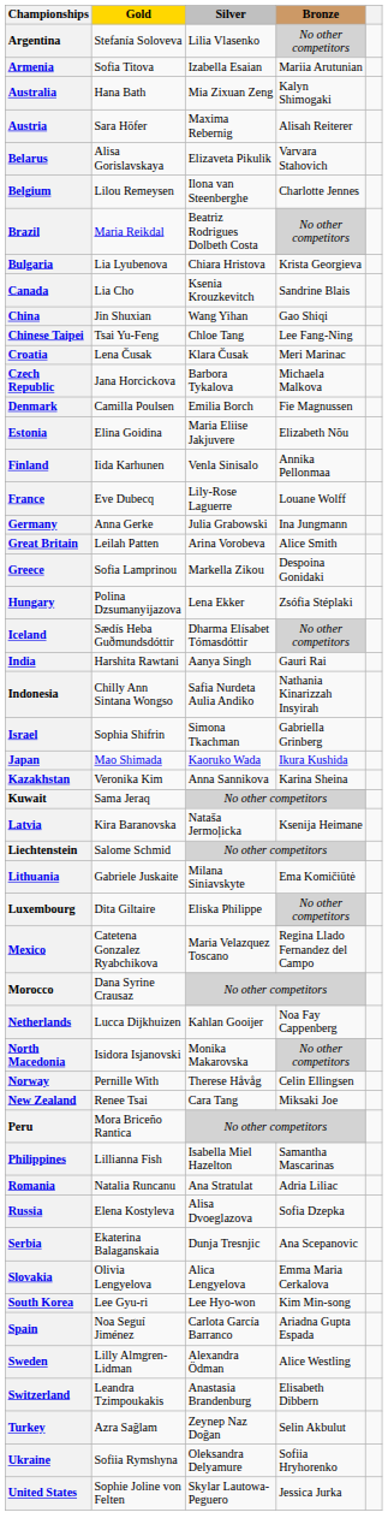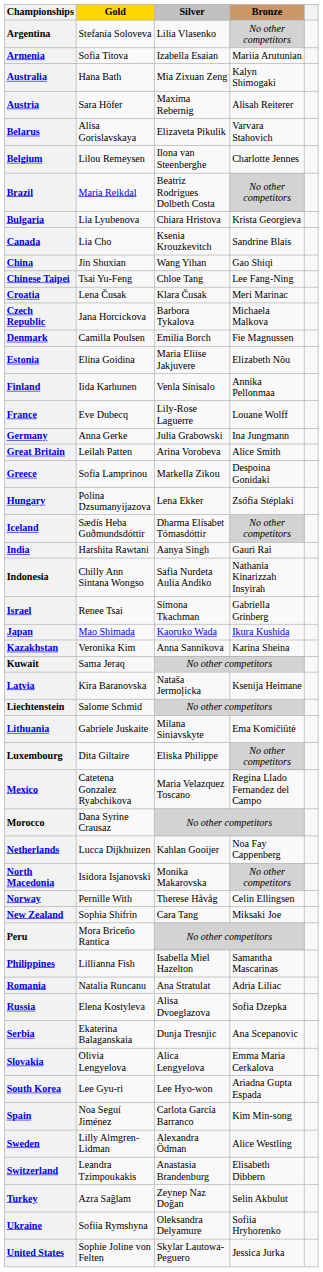 <table class="wikitable unsortable" style="text-align:left; width:80%;">
 <tr>
 <th scope="col" style="text-align:center; width:20%;">Championships</th>
 <td scope="col" style="text-align:center; width:25%; background:gold"><strong>Gold</strong></td>
 <td scope="col" style="text-align:center; width:25%; background:silver"><strong>Silver</strong></td>
 <td scope="col" style="text-align:center; width:25%; background:#c96"><strong>Bronze</strong></td>
 <th scope="col" style="text-align:center; width:5%;"></th>
 </tr>
 <tr>
 <th scope="row" style="text-align:left"> Argentina</th>
 <td>Stefanía Soloveva</td>
 <td>Lilia Vlasenko</td>
 <td align="center" bgcolor="lightgray"><em>No other competitors</em></td>
 <td></td>
 </tr>
 <tr>
 <th scope="row" style="text-align:left"> <a href='#'>Armenia</a></th>
 <td>Sofia Titova</td>
 <td>Izabella Esaian</td>
 <td>Mariia Arutunian</td>
 <td></td>
 </tr>
 <tr>
 <th scope="row" style="text-align:left"> <a href='#'>Australia</a></th>
 <td>Hana Bath</td>
 <td>Mia Zixuan Zeng</td>
 <td>Kalyn Shimogaki</td>
 <td></td>
 </tr>
 <tr>
 <th scope="row" style="text-align:left"> <a href='#'>Austria</a></th>
 <td>Sara Höfer</td>
 <td>Maxima Rebernig</td>
 <td>Alisah Reiterer</td>
 <td></td>
 </tr>
 <tr>
 <th scope="row" style="text-align:left"> <a href='#'>Belarus</a></th>
 <td>Alisa Gorislavskaya</td>
 <td>Elizaveta Pikulik</td>
 <td>Varvara Stahovich</td>
 <td></td>
 </tr>
 <tr>
 <th scope="row" style="text-align:left"> <a href='#'>Belgium</a></th>
 <td>Lilou Remeysen</td>
 <td>Ilona van Steenberghe</td>
 <td>Charlotte Jennes</td>
 <td></td>
 </tr>
 <tr>
 <th scope="row" style="text-align:left"> <a href='#'>Brazil</a></th>
 <td><a href='#'>Maria Reikdal</a></td>
 <td>Beatriz Rodrigues Dolbeth Costa</td>
 <td align="center" bgcolor="lightgray"><em>No other competitors</em></td>
 <td></td>
 </tr>
 <tr>
 <th scope="row" style="text-align:left"> <a href='#'>Bulgaria</a></th>
 <td>Lia Lyubenova</td>
 <td>Chiara Hristova</td>
 <td>Krista Georgieva</td>
 <td></td>
 </tr>
 <tr>
 <th scope="row" style="text-align:left"> <a href='#'>Canada</a></th>
 <td>Lia Cho</td>
 <td>Ksenia Krouzkevitch</td>
 <td>Sandrine Blais</td>
 <td></td>
 </tr>
 <tr>
 <th scope="row" style="text-align:left"> <a href='#'>China</a></th>
 <td>Jin Shuxian</td>
 <td>Wang Yihan</td>
 <td>Gao Shiqi</td>
 <td></td>
 </tr>
 <tr>
 <th scope="row" style="text-align:left"> <a href='#'>Chinese Taipei</a></th>
 <td>Tsai Yu-Feng</td>
 <td>Chloe Tang</td>
 <td>Lee Fang-Ning</td>
 <td></td>
 </tr>
 <tr>
 <th scope="row" style="text-align:left"> <a href='#'>Croatia</a></th>
 <td>Lena Čusak</td>
 <td>Klara Čusak</td>
 <td>Meri Marinac</td>
 <td></td>
 </tr>
 <tr>
 <th scope="row" style="text-align:left"> <a href='#'>Czech Republic</a></th>
 <td>Jana Horcickova</td>
 <td>Barbora Tykalova</td>
 <td>Michaela Malkova</td>
 <td></td>
 </tr>
 <tr>
 <th scope="row" style="text-align:left"> <a href='#'>Denmark</a></th>
 <td>Camilla Poulsen</td>
 <td>Emilia Borch</td>
 <td>Fie Magnussen</td>
 <td></td>
 </tr>
 <tr>
 <th scope="row" style="text-align:left"> <a href='#'>Estonia</a></th>
 <td>Elina Goidina</td>
 <td>Maria Eliise Jakjuvere</td>
 <td>Elizabeth Nõu</td>
 <td></td>
 </tr>
 <tr>
 <th scope="row" style="text-align:left"> <a href='#'>Finland</a></th>
 <td>Iida Karhunen</td>
 <td>Venla Sinisalo</td>
 <td>Annika Pellonmaa</td>
 <td></td>
 </tr>
 <tr>
 <th scope="row" style="text-align:left"> <a href='#'>France</a></th>
 <td>Eve Dubecq</td>
 <td>Lily-Rose Laguerre</td>
 <td>Louane Wolff</td>
 <td></td>
 </tr>
 <tr>
 <th scope="row" style="text-align:left"> <a href='#'>Germany</a></th>
 <td>Anna Gerke</td>
 <td>Julia Grabowski</td>
 <td>Ina Jungmann</td>
 <td></td>
 </tr>
 <tr>
 <th scope="row" style="text-align:left"> <a href='#'>Great Britain</a></th>
 <td>Leilah Patten</td>
 <td>Arina Vorobeva</td>
 <td>Alice Smith</td>
 <td></td>
 </tr>
 <tr>
 <th scope="row" style="text-align:left"> <a href='#'>Greece</a></th>
 <td>Sofia Lamprinou</td>
 <td>Markella Zikou</td>
 <td>Despoina Gonidaki</td>
 <td></td>
 </tr>
 <tr>
 <th scope="row" style="text-align:left"> <a href='#'>Hungary</a></th>
 <td>Polina Dzsumanyijazova</td>
 <td>Lena Ekker</td>
 <td>Zsófia Stéplaki</td>
 <td></td>
 </tr>
 <tr>
 <th scope="row" style="text-align:left"> <a href='#'>Iceland</a></th>
 <td>Sædís Heba Guðmundsdóttir</td>
 <td>Dharma Elísabet Tómasdóttir</td>
 <td align="center" bgcolor="lightgray"><em>No other competitors</em></td>
 <td></td>
 </tr>
 <tr>
 <th scope="row" style="text-align:left"> <a href='#'>India</a></th>
 <td>Harshita Rawtani</td>
 <td>Aanya Singh</td>
 <td>Gauri Rai</td>
 <td></td>
 </tr>
 <tr>
 <th scope="row" style="text-align:left"> Indonesia</th>
 <td>Chilly Ann Sintana Wongso</td>
 <td>Safia Nurdeta Aulia Andiko</td>
 <td>Nathania Kinarizzah Insyirah</td>
 <td></td>
 </tr>
 <tr>
 <th scope="row" style="text-align:left"> <a href='#'>Israel</a></th>
-<td>Sophia Shifrin</td>
+<td>Renee Tsai</td>
 <td>Simona Tkachman</td>
 <td>Gabriella Grinberg</td>
 <td></td>
 </tr>
 <tr>
 <th scope="row" style="text-align:left"> <a href='#'>Japan</a></th>
 <td><a href='#'>Mao Shimada</a></td>
 <td><a href='#'>Kaoruko Wada</a></td>
 <td><a href='#'>Ikura Kushida</a></td>
 <td></td>
 </tr>
 <tr>
 <th scope="row" style="text-align:left"> <a href='#'>Kazakhstan</a></th>
 <td>Veronika Kim</td>
 <td>Anna Sannikova</td>
 <td>Karina Sheina</td>
 <td></td>
 </tr>
 <tr>
 <th scope="row" style="text-align:left"> Kuwait</th>
 <td>Sama Jeraq</td>
 <td colspan=2 align="center" bgcolor="lightgray"><em>No other competitors</em></td>
 <td></td>
 </tr>
 <tr>
 <th scope="row" style="text-align:left"> <a href='#'>Latvia</a></th>
 <td>Kira Baranovska</td>
 <td>Nataša Jermoļicka</td>
 <td>Ksenija Heimane</td>
 <td></td>
 </tr>
 <tr>
 <th scope="row" style="text-align:left"> Liechtenstein</th>
 <td>Salome Schmid</td>
 <td colspan=2 align="center" bgcolor="lightgray"><em>No other competitors</em></td>
 <td></td>
 </tr>
 <tr>
 <th scope="row" style="text-align:left"> <a href='#'>Lithuania</a></th>
 <td>Gabriele Juskaite</td>
 <td>Milana Siniavskyte</td>
 <td>Ema Komičiūtė</td>
 <td></td>
 </tr>
 <tr>
 <th scope="row" style="text-align:left"> Luxembourg</th>
 <td>Dita Giltaire</td>
 <td>Eliska Philippe</td>
 <td align="center" bgcolor="lightgray"><em>No other competitors</em></td>
 <td></td>
 </tr>
 <tr>
 <th scope="row" style="text-align:left"> <a href='#'>Mexico</a></th>
 <td>Catetena Gonzalez Ryabchikova</td>
 <td>Maria Velazquez Toscano</td>
 <td>Regina Llado Fernandez del Campo</td>
 <td></td>
 </tr>
 <tr>
 <th scope="row" style="text-align:left"> Morocco</th>
 <td>Dana Syrine Crausaz</td>
 <td colspan=2 align="center" bgcolor="lightgray"><em>No other competitors</em></td>
 <td></td>
 </tr>
 <tr>
 <th scope="row" style="text-align:left"> <a href='#'>Netherlands</a></th>
 <td>Lucca Dijkhuizen</td>
 <td>Kahlan Gooijer</td>
 <td>Noa Fay Cappenberg</td>
 <td></td>
 </tr>
 <tr>
 <th scope="row" style="text-align:left"> <a href='#'>North Macedonia</a></th>
 <td>Isidora Isjanovski</td>
 <td>Monika Makarovska</td>
 <td align="center" bgcolor="lightgray"><em>No other competitors</em></td>
 <td></td>
 </tr>
 <tr>
 <th scope="row" style="text-align:left"> <a href='#'>Norway</a></th>
 <td>Pernille With</td>
 <td>Therese Håvåg</td>
 <td>Celin Ellingsen</td>
 <td></td>
 </tr>
 <tr>
 <th scope="row" style="text-align:left"> <a href='#'>New Zealand</a></th>
-<td>Renee Tsai</td>
+<td>Sophia Shifrin</td>
 <td>Cara Tang</td>
 <td>Miksaki Joe</td>
 <td></td>
 </tr>
 <tr>
 <th scope="row" style="text-align:left"> Peru</th>
 <td>Mora Briceño Rantica</td>
 <td colspan=2 align="center" bgcolor="lightgray"><em>No other competitors</em></td>
 <td></td>
 </tr>
 <tr>
 <th scope="row" style="text-align:left"> <a href='#'>Philippines</a></th>
 <td>Lillianna Fish</td>
 <td>Isabella Miel Hazelton</td>
 <td>Samantha Mascarinas</td>
 <td></td>
 </tr>
 <tr>
 <th scope="row" style="text-align:left"> <a href='#'>Romania</a></th>
 <td>Natalia Runcanu</td>
 <td>Ana Stratulat</td>
 <td>Adria Liliac</td>
 <td></td>
 </tr>
 <tr>
 <th scope="row" style="text-align:left"> <a href='#'>Russia</a></th>
 <td>Elena Kostyleva</td>
 <td>Alisa Dvoeglazova</td>
 <td>Sofia Dzepka</td>
 <td></td>
 </tr>
 <tr>
 <th scope="row" style="text-align:left"> <a href='#'>Serbia</a></th>
 <td>Ekaterina Balaganskaia</td>
 <td>Dunja Tresnjic</td>
 <td>Ana Scepanovic</td>
 <td></td>
 </tr>
 <tr>
 <th scope="row" style="text-align:left"> <a href='#'>Slovakia</a></th>
 <td>Olivia Lengyelova</td>
 <td>Alica Lengyelova</td>
 <td>Emma Maria Cerkalova</td>
 <td></td>
 </tr>
 <tr>
 <th scope="row" style="text-align:left"> <a href='#'>South Korea</a></th>
 <td>Lee Gyu-ri</td>
 <td>Lee Hyo-won</td>
-<td>Kim Min-song</td>
+<td>Ariadna Gupta Espada</td>
 <td></td>
 </tr>
 <tr>
 <th scope="row" style="text-align:left"> <a href='#'>Spain</a></th>
 <td>Noa Seguí Jiménez</td>
 <td>Carlota García Barranco</td>
-<td>Ariadna Gupta Espada</td>
+<td>Kim Min-song</td>
 <td></td>
 </tr>
 <tr>
 <th scope="row" style="text-align:left"> <a href='#'>Sweden</a></th>
 <td>Lilly Almgren-Lidman</td>
 <td>Alexandra Ödman</td>
 <td>Alice Westling</td>
 <td></td>
 </tr>
 <tr>
 <th scope="row" style="text-align:left"> <a href='#'>Switzerland</a></th>
 <td>Leandra Tzimpoukakis</td>
 <td>Anastasia Brandenburg</td>
 <td>Elisabeth Dibbern</td>
 </tr>
 <tr>
 <th scope="row" style="text-align:left"> <a href='#'>Turkey</a></th>
 <td>Azra Sağlam</td>
 <td>Zeynep Naz Doğan</td>
 <td>Selin Akbulut</td>
 <td></td>
 </tr>
 <tr>
 <th scope="row" style="text-align:left"> <a href='#'>Ukraine</a></th>
 <td>Sofiia Rymshyna</td>
 <td>Oleksandra Delyamure</td>
 <td>Sofiia Hryhorenko</td>
 <td></td>
 </tr>
 <tr>
 <th scope="row" style="text-align:left"> <a href='#'>United States</a></th>
 <td>Sophie Joline von Felten</td>
 <td>Skylar Lautowa-Peguero</td>
 <td>Jessica Jurka</td>
 <td></td>
 </tr>
 </table>
